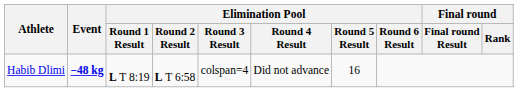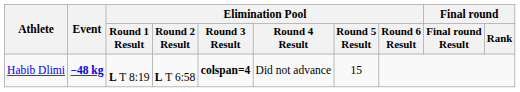 <table class="wikitable" style="font-size:90%">
 <tr>
 <th rowspan="2">Athlete</th>
 <th rowspan="2">Event</th>
 <th colspan=6>Elimination Pool</th>
 <th colspan=2>Final round</th>
 </tr>
 <tr style="font-size: 95%">
 <th>Round 1<br>Result</th>
 <th>Round 2<br>Result</th>
 <th>Round 3<br>Result</th>
 <th>Round 4<br>Result</th>
 <th>Round 5<br>Result</th>
 <th>Round 6<br>Result</th>
 <th>Final round<br>Result</th>
 <th>Rank</th>
 </tr>
 <tr align=center>
 <td align=left><a href='#'>Habib Dlimi</a></td>
 <td align=left><strong><a href='#'>−48 kg</a></strong></td>
 <td><br><strong>L</strong> T 8:19</td>
 <td><br><strong>L</strong> T 6:58</td>
-<td>colspan=4 </td>
+<td><strong>colspan=4 </strong></td>
 <td>Did not advance</td>
-<td>16</td>
+<td>15</td>
 </tr>
 </table>
